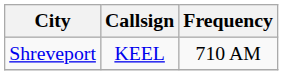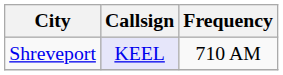 <table class="wikitable" style="font-size: 95%; text-align: center;">
 <tr>
 <th>City</th>
 <th>Callsign</th>
 <th>Frequency</th>
 </tr>
 <tr>
 <td><a href='#'>Shreveport</a></td>
-<td><a href='#'>KEEL</a></td>
+<td style="background: lavender;"><a href='#'>KEEL</a></td>
 <td>710 AM</td>
 </tr>
 <tr>
 </tr>
 </table>
